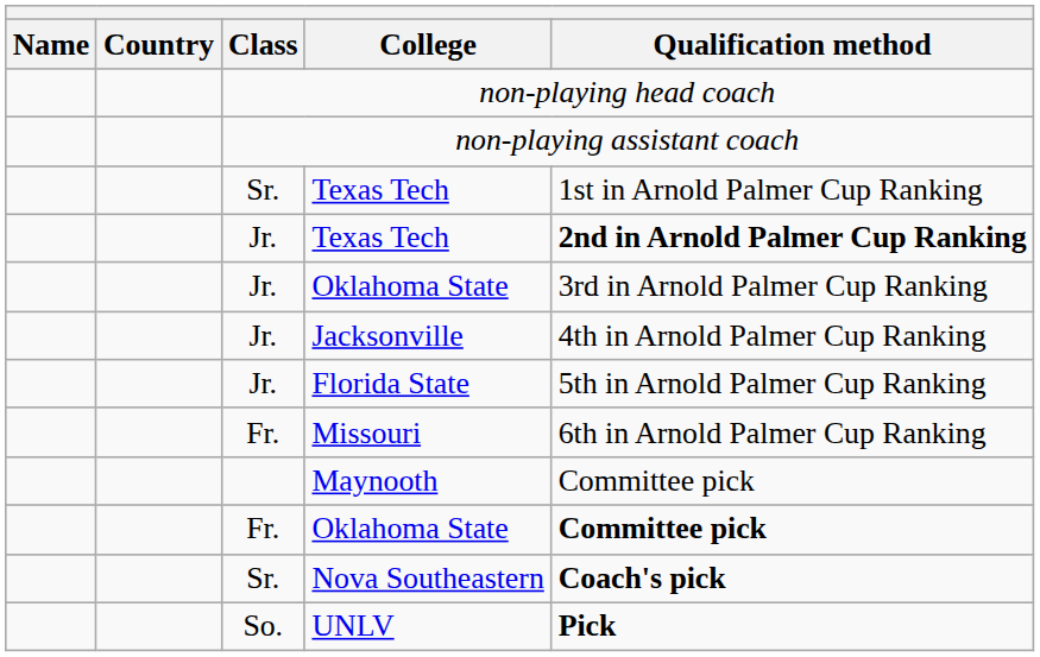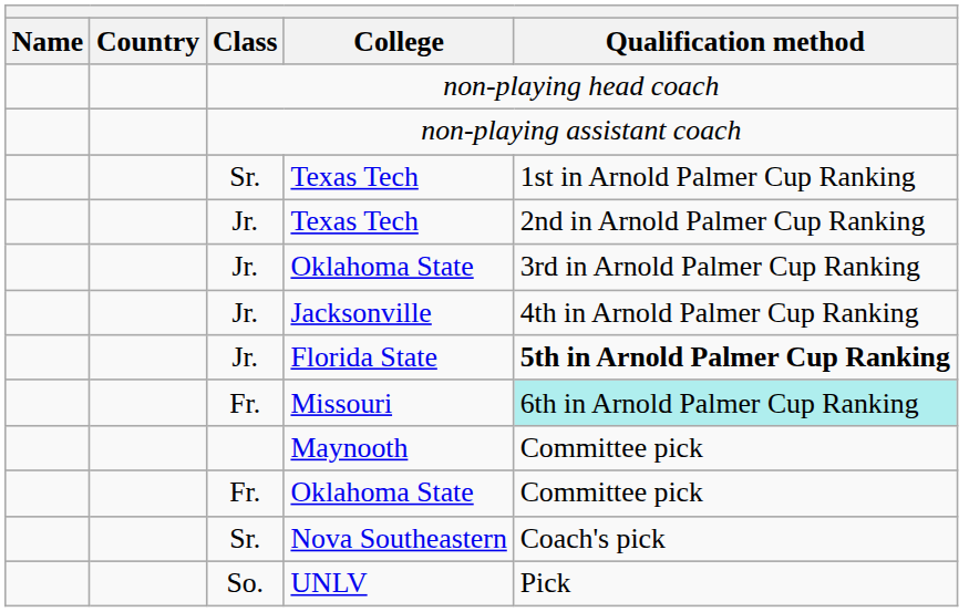 <table class="wikitable sortable">
 <tr>
 <th colspan=5></th>
 </tr>
 <tr>
 <th>Name</th>
 <th>Country</th>
 <th>Class</th>
 <th>College</th>
 <th>Qualification method</th>
 </tr>
 <tr>
 <td></td>
 <td></td>
 <td colspan=3 align=center><em>non-playing head coach</em></td>
 </tr>
 <tr>
 <td></td>
 <td></td>
 <td colspan=3 align=center><em>non-playing assistant coach</em></td>
 </tr>
 <tr>
 <td></td>
 <td></td>
 <td align=center>Sr.</td>
 <td><a href='#'>Texas Tech</a></td>
 <td>1st in Arnold Palmer Cup Ranking</td>
 </tr>
 <tr>
 <td></td>
 <td></td>
 <td align=center>Jr.</td>
 <td><a href='#'>Texas Tech</a></td>
-<td><strong>2nd in Arnold Palmer Cup Ranking</strong></td>
+<td>2nd in Arnold Palmer Cup Ranking</td>
 </tr>
 <tr>
 <td></td>
 <td></td>
 <td align=center>Jr.</td>
 <td><a href='#'>Oklahoma State</a></td>
 <td>3rd in Arnold Palmer Cup Ranking</td>
 </tr>
 <tr>
 <td></td>
 <td></td>
 <td align=center>Jr.</td>
 <td><a href='#'>Jacksonville</a></td>
 <td>4th in Arnold Palmer Cup Ranking</td>
 </tr>
 <tr>
 <td></td>
 <td></td>
 <td align=center>Jr.</td>
 <td><a href='#'>Florida State</a></td>
-<td>5th in Arnold Palmer Cup Ranking</td>
+<td><strong>5th in Arnold Palmer Cup Ranking</strong></td>
 </tr>
 <tr>
 <td></td>
 <td></td>
 <td align=center>Fr.</td>
 <td><a href='#'>Missouri</a></td>
-<td>6th in Arnold Palmer Cup Ranking</td>
+<td style="background: paleturquoise;">6th in Arnold Palmer Cup Ranking</td>
 </tr>
 <tr>
 <td></td>
 <td></td>
 <td align=center></td>
 <td><a href='#'>Maynooth</a></td>
 <td>Committee pick</td>
 </tr>
 <tr>
 <td></td>
 <td></td>
 <td align=center>Fr.</td>
 <td><a href='#'>Oklahoma State</a></td>
-<td><strong>Committee pick</strong></td>
+<td>Committee pick</td>
 </tr>
 <tr>
 <td></td>
 <td></td>
 <td align=center>Sr.</td>
 <td><a href='#'>Nova Southeastern</a></td>
-<td><strong>Coach's pick</strong></td>
+<td>Coach's pick</td>
 </tr>
 <tr>
 <td></td>
 <td></td>
 <td align=center>So.</td>
 <td><a href='#'>UNLV</a></td>
-<td><strong>Pick</strong></td>
+<td>Pick</td>
 </tr>
 </table>
